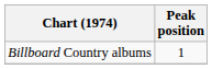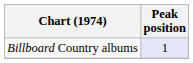 <table class="wikitable">
 <tr>
 <th>Chart (1974)</th>
 <th>Peak<br>position</th>
 </tr>
 <tr>
 <td><em>Billboard</em> Country albums</td>
-<td align=center>1</td>
+<td align=center style="background: lavender;">1</td>
 </tr>
 <tr>
 </tr>
 </table>
